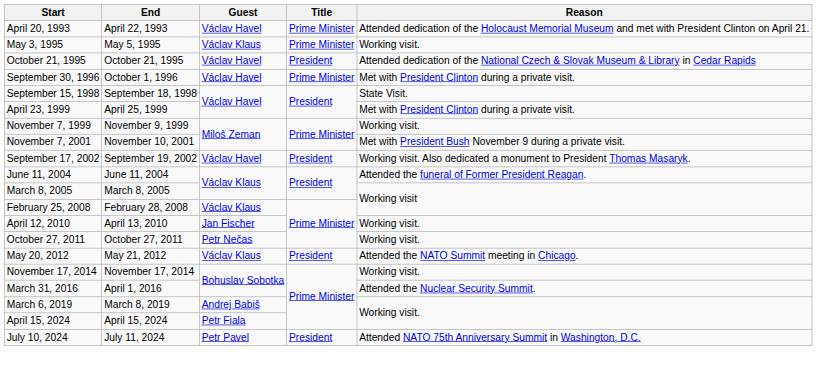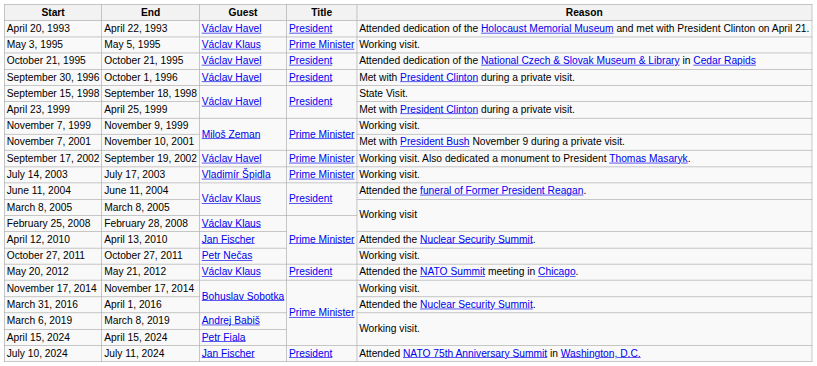 <table class="wikitable sortable">
 <tr>
 <th>Start</th>
 <th>End</th>
 <th>Guest</th>
 <th>Title</th>
 <th>Reason</th>
 </tr>
 <tr>
 <td>April 20, 1993</td>
 <td>April 22, 1993</td>
 <td><a href='#'>Václav Havel</a></td>
-<td><a href='#'>Prime Minister</a></td>
+<td><a href='#'>President</a></td>
 <td>Attended dedication of the <a href='#'>Holocaust Memorial Museum</a> and met with President Clinton on April 21.</td>
 </tr>
 <tr>
 <td>May 3, 1995</td>
 <td>May 5, 1995</td>
 <td><a href='#'>Václav Klaus</a></td>
 <td><a href='#'>Prime Minister</a></td>
 <td>Working visit.</td>
 </tr>
 <tr>
 <td>October 21, 1995</td>
 <td>October 21, 1995</td>
 <td><a href='#'>Václav Havel</a></td>
 <td><a href='#'>President</a></td>
 <td>Attended dedication of the <a href='#'>National Czech & Slovak Museum & Library</a> in <a href='#'>Cedar Rapids</a></td>
 </tr>
 <tr>
 <td>September 30, 1996</td>
 <td>October 1, 1996</td>
 <td><a href='#'>Václav Havel</a></td>
-<td><a href='#'>Prime Minister</a></td>
+<td><a href='#'>President</a></td>
 <td>Met with <a href='#'>President Clinton</a> during a private visit.</td>
 </tr>
 <tr>
 <td>September 15, 1998</td>
 <td>September 18, 1998</td>
 <td rowspan="2"><a href='#'>Václav Havel</a></td>
 <td rowspan="2"><a href='#'>President</a></td>
 <td>State Visit.</td>
 </tr>
 <tr>
 <td>April 23, 1999</td>
 <td>April 25, 1999</td>
 <td>Met with <a href='#'>President Clinton</a> during a private visit.</td>
 </tr>
 <tr>
 <td>November 7, 1999</td>
 <td>November 9, 1999</td>
 <td rowspan=2><a href='#'>Miloš Zeman</a></td>
 <td rowspan=2><a href='#'>Prime Minister</a></td>
 <td>Working visit.</td>
 </tr>
 <tr>
 <td>November 7, 2001</td>
 <td>November 10, 2001</td>
 <td>Met with <a href='#'>President Bush</a> November 9 during a private visit.</td>
 </tr>
 <tr>
 <td>September 17, 2002</td>
 <td>September 19, 2002</td>
 <td><a href='#'>Václav Havel</a></td>
-<td><a href='#'>President</a></td>
+<td><a href='#'>Prime Minister</a></td>
 <td>Working visit. Also dedicated a monument to President <a href='#'>Thomas Masaryk</a>.</td>
+</tr>
+<tr>
+<td>July 14, 2003</td>
+<td>July 17, 2003</td>
+<td><a href='#'>Vladimír Špidla</a></td>
+<td><a href='#'>Prime Minister</a></td>
+<td>Working visit.</td>
 </tr>
 <tr>
 <td>June 11, 2004</td>
 <td>June 11, 2004</td>
 <td rowspan="2"><a href='#'>Václav Klaus</a></td>
 <td rowspan=2><a href='#'>President</a></td>
 <td>Attended the <a href='#'>funeral of Former President Reagan</a>.</td>
 </tr>
 <tr>
 <td>March 8, 2005</td>
 <td>March 8, 2005</td>
 <td rowspan=2>Working visit</td>
 </tr>
 <tr>
 <td>February 25, 2008</td>
 <td>February 28, 2008</td>
 <td><a href='#'>Václav Klaus</a></td>
 <td rowspan=3><a href='#'>Prime Minister</a></td>
 </tr>
 <tr>
 <td>April 12, 2010</td>
 <td>April 13, 2010</td>
 <td><a href='#'>Jan Fischer</a></td>
-<td>Working visit.</td>
+<td>Attended the <a href='#'>Nuclear Security Summit</a>.</td>
 </tr>
 <tr>
 <td>October 27, 2011</td>
 <td>October 27, 2011</td>
 <td><a href='#'>Petr Nečas</a></td>
 <td>Working visit.</td>
 </tr>
 <tr>
 <td>May 20, 2012</td>
 <td>May 21, 2012</td>
 <td><a href='#'>Václav Klaus</a></td>
 <td><a href='#'>President</a></td>
 <td>Attended the <a href='#'>NATO Summit</a> meeting in <a href='#'>Chicago</a>.</td>
 </tr>
 <tr>
 <td>November 17, 2014</td>
 <td>November 17, 2014</td>
 <td rowspan=2><a href='#'>Bohuslav Sobotka</a></td>
 <td rowspan=4><a href='#'>Prime Minister</a></td>
 <td>Working visit.</td>
 </tr>
 <tr>
 <td>March 31, 2016</td>
 <td>April 1, 2016</td>
 <td>Attended the <a href='#'>Nuclear Security Summit</a>.</td>
 </tr>
 <tr>
 <td>March 6, 2019</td>
 <td>March 8, 2019</td>
 <td><a href='#'>Andrej Babiš</a></td>
 <td rowspan=2>Working visit.</td>
 </tr>
 <tr>
 <td>April 15, 2024</td>
 <td>April 15, 2024</td>
 <td><a href='#'>Petr Fiala</a></td>
 </tr>
 <tr>
 <td>July 10, 2024</td>
 <td>July 11, 2024</td>
-<td><a href='#'>Petr Pavel</a></td>
+<td><a href='#'>Jan Fischer</a></td>
 <td><a href='#'>President</a></td>
 <td>Attended <a href='#'>NATO 75th Anniversary Summit</a> in <a href='#'>Washington, D.C.</a></td>
 </tr>
 </table>
